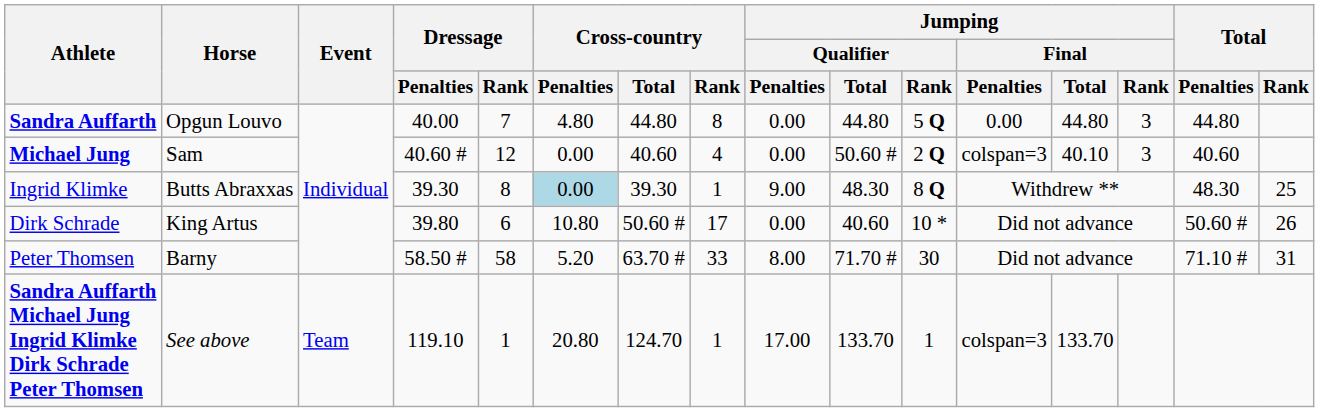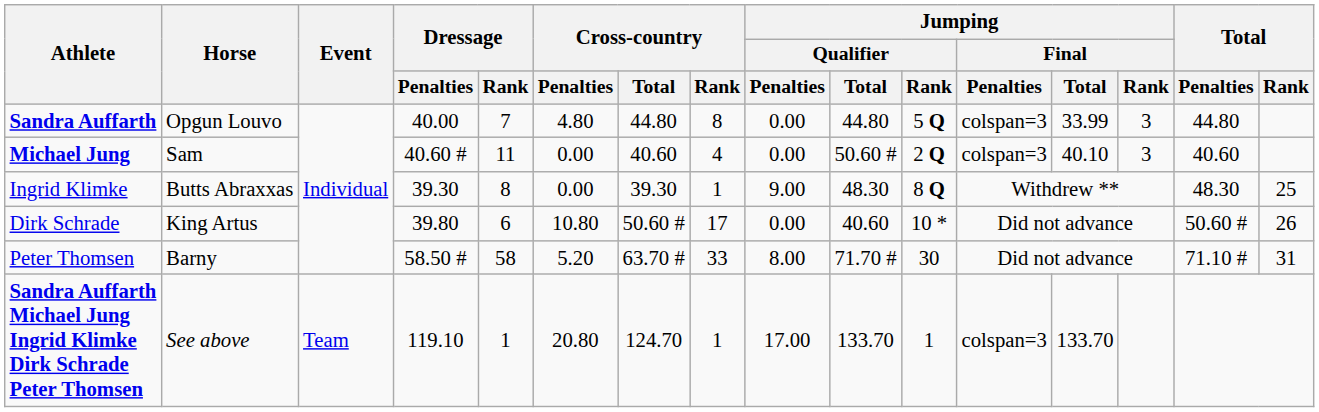 <table class=wikitable style="font-size:90%">
 <tr>
 <th rowspan="3">Athlete</th>
 <th rowspan="3">Horse</th>
 <th rowspan="3">Event</th>
 <th colspan="2" rowspan="2">Dressage</th>
 <th colspan="3" rowspan="2">Cross-country</th>
 <th colspan="6">Jumping</th>
 <th colspan="2" rowspan="2">Total</th>
 </tr>
 <tr style="font-size:95%">
 <th colspan="3">Qualifier</th>
 <th colspan="3">Final</th>
 </tr>
 <tr style="font-size:95%">
 <th>Penalties</th>
 <th>Rank</th>
 <th>Penalties</th>
 <th>Total</th>
 <th>Rank</th>
 <th>Penalties</th>
 <th>Total</th>
 <th>Rank</th>
 <th>Penalties</th>
 <th>Total</th>
 <th>Rank</th>
 <th>Penalties</th>
 <th>Rank</th>
 </tr>
 <tr align=center>
 <td align=left><strong><a href='#'>Sandra Auffarth</a></strong></td>
 <td align=left>Opgun Louvo</td>
 <td align=left rowspan=5><a href='#'>Individual</a></td>
 <td>40.00</td>
 <td>7</td>
 <td>4.80</td>
 <td>44.80</td>
 <td>8</td>
 <td>0.00</td>
 <td>44.80</td>
 <td>5 <strong>Q</strong></td>
-<td>0.00</td>
-<td>44.80</td>
+<td>colspan=3 </td>
+<td>33.99</td>
 <td>3</td>
 <td>44.80</td>
 <td></td>
 </tr>
 <tr align=center>
 <td align=left><strong><a href='#'>Michael Jung</a></strong></td>
 <td align=left>Sam</td>
 <td>40.60 #</td>
-<td>12</td>
+<td>11</td>
 <td>0.00</td>
 <td>40.60</td>
 <td>4</td>
 <td>0.00</td>
 <td>50.60 #</td>
 <td>2 <strong>Q</strong></td>
 <td>colspan=3 </td>
 <td>40.10</td>
 <td>3</td>
 <td>40.60</td>
 <td></td>
 </tr>
 <tr align=center>
 <td align=left><a href='#'>Ingrid Klimke</a><br></td>
 <td align=left>Butts Abraxxas</td>
 <td>39.30</td>
 <td>8</td>
-<td style="background: lightblue;">0.00</td>
+<td>0.00</td>
 <td>39.30</td>
 <td>1</td>
 <td>9.00</td>
 <td>48.30</td>
 <td>8 <strong>Q</strong></td>
 <td colspan=3 align=center>Withdrew **</td>
 <td>48.30</td>
 <td>25</td>
 </tr>
 <tr align=center>
 <td align=left><a href='#'>Dirk Schrade</a><br></td>
 <td align=left>King Artus</td>
 <td>39.80</td>
 <td>6</td>
 <td>10.80</td>
 <td>50.60 #</td>
 <td>17</td>
 <td>0.00</td>
 <td>40.60</td>
 <td>10 *</td>
 <td colspan=3 align=center>Did not advance</td>
 <td>50.60 #</td>
 <td>26</td>
 </tr>
 <tr align=center>
 <td align=left><a href='#'>Peter Thomsen</a><br></td>
 <td align=left>Barny</td>
 <td>58.50 #</td>
 <td>58</td>
 <td>5.20</td>
 <td>63.70 #</td>
 <td>33</td>
 <td>8.00</td>
 <td>71.70 #</td>
 <td>30</td>
 <td colspan=3 align=center>Did not advance</td>
 <td>71.10 #</td>
 <td>31</td>
 </tr>
 <tr align=center>
 <td align=left><strong><a href='#'>Sandra Auffarth</a><br><a href='#'>Michael Jung</a><br><a href='#'>Ingrid Klimke</a><br><a href='#'>Dirk Schrade</a><br><a href='#'>Peter Thomsen</a></strong></td>
 <td align=left><em>See above</em></td>
 <td align=left><a href='#'>Team</a></td>
 <td>119.10</td>
 <td>1</td>
 <td>20.80</td>
 <td>124.70</td>
 <td>1</td>
 <td>17.00</td>
 <td>133.70</td>
 <td>1</td>
 <td>colspan=3 </td>
 <td>133.70</td>
 <td></td>
 </tr>
 </table>
